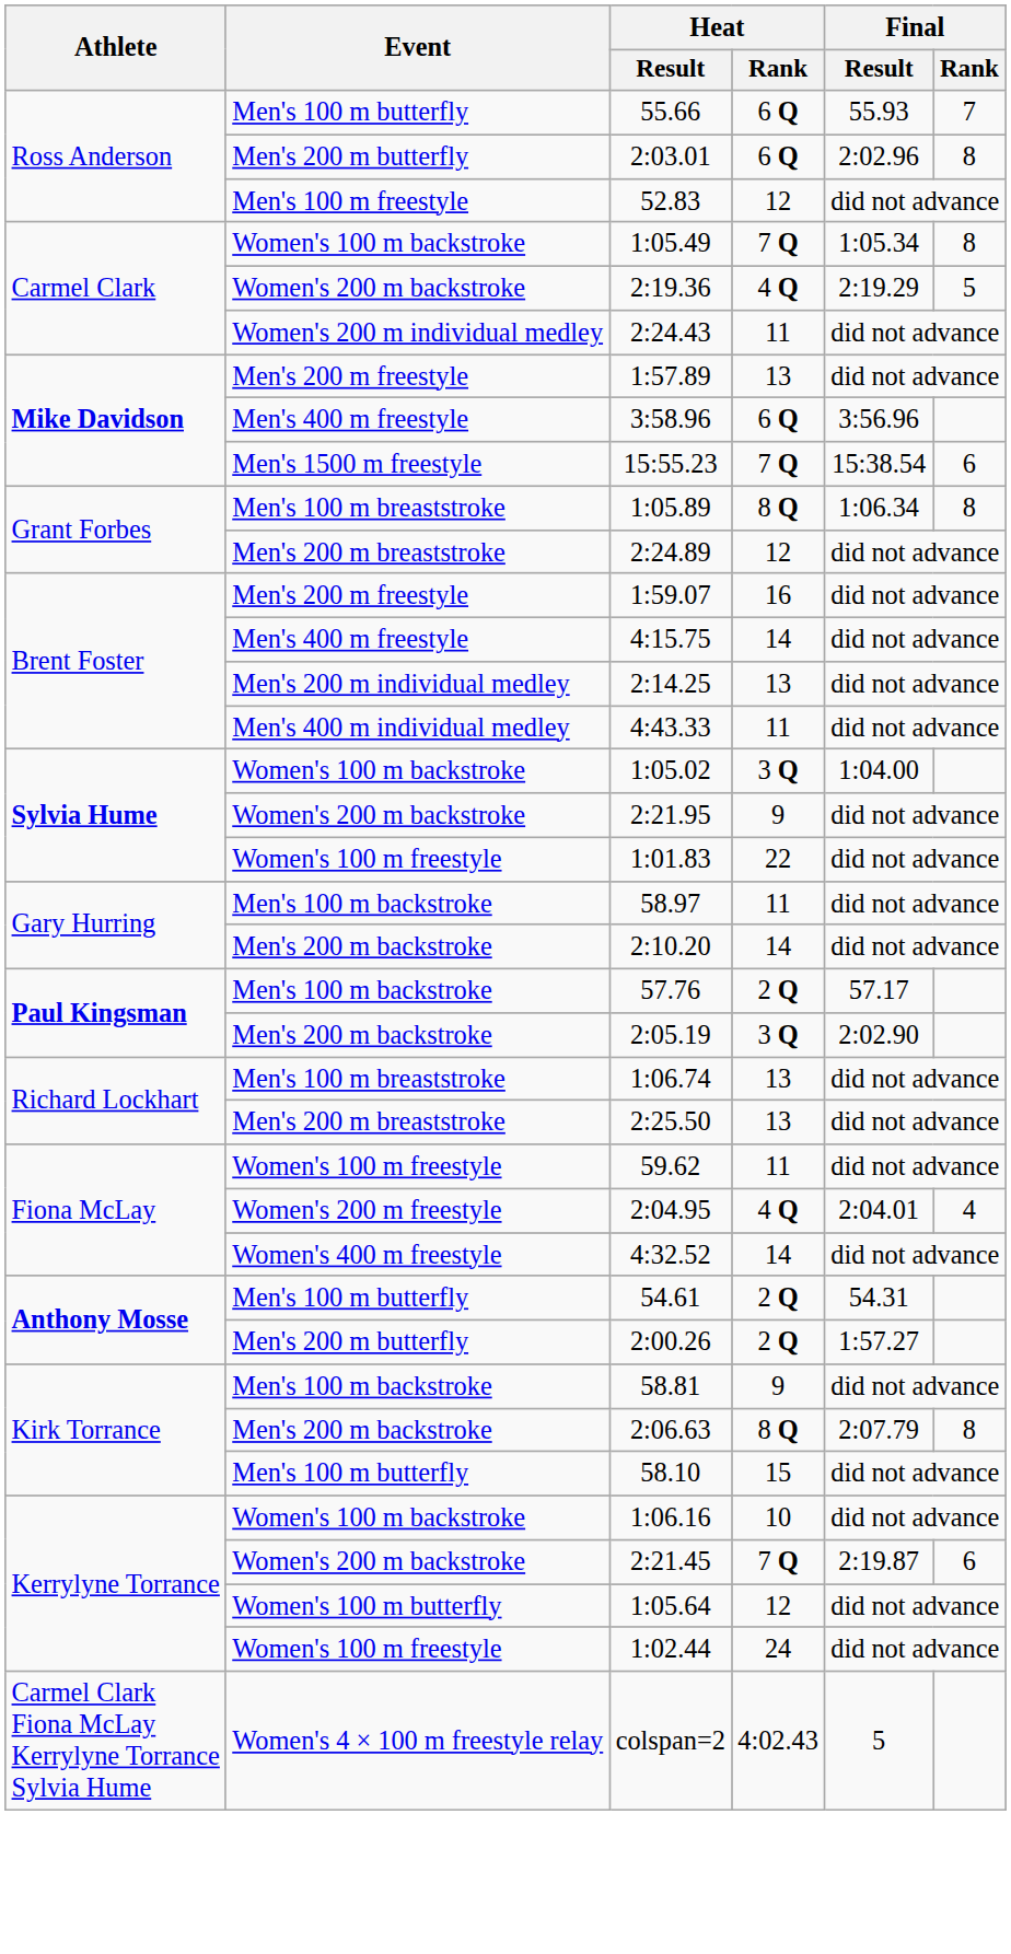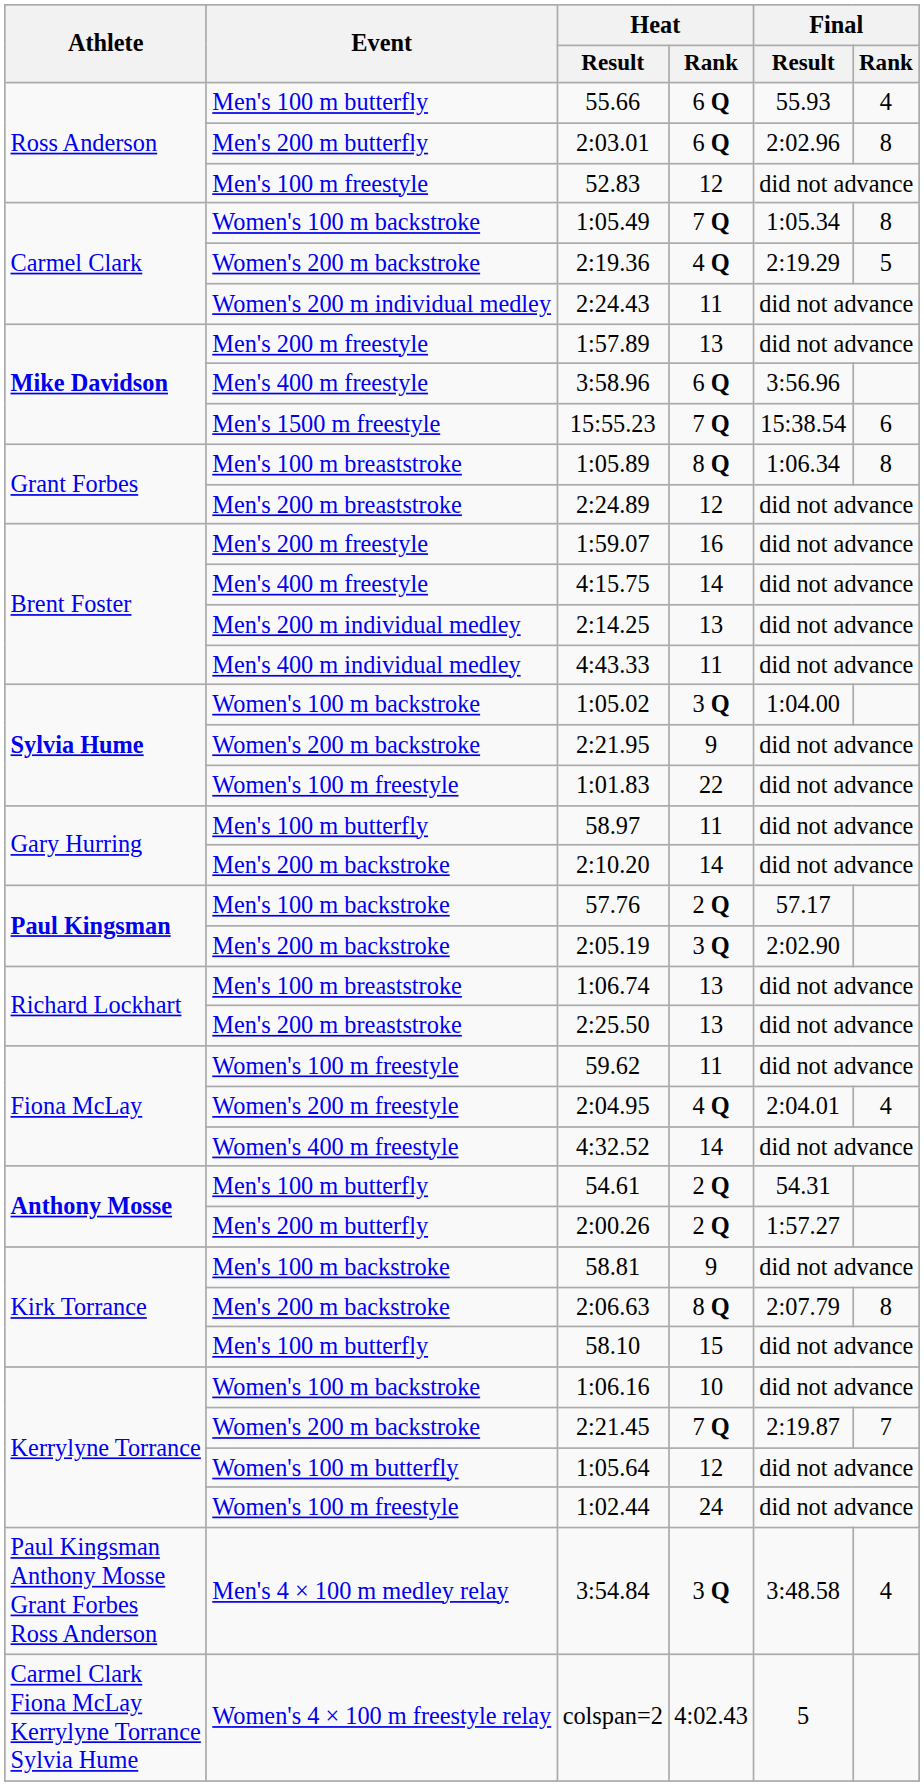 <table class=wikitable style=font-size:90%>
 <tr>
 <th rowspan=2>Athlete</th>
 <th rowspan=2>Event</th>
 <th colspan=2>Heat</th>
 <th colspan=2>Final</th>
 </tr>
 <tr style=font-size:95%>
 <th>Result</th>
 <th>Rank</th>
 <th>Result</th>
 <th>Rank</th>
 </tr>
 <tr align=center>
 <td align=left rowspan=3><a href='#'>Ross Anderson</a></td>
 <td align=left><a href='#'>Men's 100 m butterfly</a></td>
 <td>55.66</td>
 <td>6 <strong>Q</strong></td>
 <td>55.93</td>
-<td>7</td>
+<td>4</td>
 </tr>
 <tr align=center>
 <td align=left><a href='#'>Men's 200 m butterfly</a></td>
 <td>2:03.01</td>
 <td>6 <strong>Q</strong></td>
 <td>2:02.96</td>
 <td>8</td>
 </tr>
 <tr align=center>
 <td align=left><a href='#'>Men's 100 m freestyle</a></td>
 <td>52.83</td>
 <td>12</td>
 <td colspan=2>did not advance</td>
 </tr>
 <tr align=center>
 <td align=left rowspan=3><a href='#'>Carmel Clark</a></td>
 <td align=left><a href='#'>Women's 100 m backstroke</a></td>
 <td>1:05.49</td>
 <td>7 <strong>Q</strong></td>
 <td>1:05.34</td>
 <td>8</td>
 </tr>
 <tr align=center>
 <td align=left><a href='#'>Women's 200 m backstroke</a></td>
 <td>2:19.36</td>
 <td>4 <strong>Q</strong></td>
 <td>2:19.29</td>
 <td>5</td>
 </tr>
 <tr align=center>
 <td align=left><a href='#'>Women's 200 m individual medley</a></td>
 <td>2:24.43</td>
 <td>11</td>
 <td colspan=2>did not advance</td>
 </tr>
 <tr align=center>
 <td align=left rowspan=3><strong><a href='#'>Mike Davidson</a></strong></td>
 <td align=left><a href='#'>Men's 200 m freestyle</a></td>
 <td>1:57.89</td>
 <td>13</td>
 <td colspan=2>did not advance</td>
 </tr>
 <tr align=center>
 <td align=left><a href='#'>Men's 400 m freestyle</a></td>
 <td>3:58.96</td>
 <td>6 <strong>Q</strong></td>
 <td>3:56.96</td>
 <td></td>
 </tr>
 <tr align=center>
 <td align=left><a href='#'>Men's 1500 m freestyle</a></td>
 <td>15:55.23</td>
 <td>7 <strong>Q</strong></td>
 <td>15:38.54</td>
 <td>6</td>
 </tr>
 <tr align=center>
 <td align=left rowspan=2><a href='#'>Grant Forbes</a></td>
 <td align=left><a href='#'>Men's 100 m breaststroke</a></td>
 <td>1:05.89</td>
 <td>8 <strong>Q</strong></td>
 <td>1:06.34</td>
 <td>8</td>
 </tr>
 <tr align=center>
 <td align=left><a href='#'>Men's 200 m breaststroke</a></td>
 <td>2:24.89</td>
 <td>12</td>
 <td colspan=2>did not advance</td>
 </tr>
 <tr align=center>
 <td align=left rowspan=4><a href='#'>Brent Foster</a></td>
 <td align=left><a href='#'>Men's 200 m freestyle</a></td>
 <td>1:59.07</td>
 <td>16</td>
 <td colspan=2>did not advance</td>
 </tr>
 <tr align=center>
 <td align=left><a href='#'>Men's 400 m freestyle</a></td>
 <td>4:15.75</td>
 <td>14</td>
 <td colspan=2>did not advance</td>
 </tr>
 <tr align=center>
 <td align=left><a href='#'>Men's 200 m individual medley</a></td>
 <td>2:14.25</td>
 <td>13</td>
 <td colspan=2>did not advance</td>
 </tr>
 <tr align=center>
 <td align=left><a href='#'>Men's 400 m individual medley</a></td>
 <td>4:43.33</td>
 <td>11</td>
 <td colspan=2>did not advance</td>
 </tr>
 <tr align=center>
 <td align=left rowspan=3><strong><a href='#'>Sylvia Hume</a></strong></td>
 <td align=left><a href='#'>Women's 100 m backstroke</a></td>
 <td>1:05.02</td>
 <td>3 <strong>Q</strong></td>
 <td>1:04.00</td>
 <td></td>
 </tr>
 <tr align=center>
 <td align=left><a href='#'>Women's 200 m backstroke</a></td>
 <td>2:21.95</td>
 <td>9</td>
 <td colspan=2>did not advance</td>
 </tr>
 <tr align=center>
 <td align=left><a href='#'>Women's 100 m freestyle</a></td>
 <td>1:01.83</td>
 <td>22</td>
 <td colspan=2>did not advance</td>
 </tr>
 <tr align=center>
 <td align=left rowspan=2><a href='#'>Gary Hurring</a></td>
-<td align=left><a href='#'>Men's 100 m backstroke</a></td>
+<td align=left><a href='#'>Men's 100 m butterfly</a></td>
 <td>58.97</td>
 <td>11</td>
 <td colspan=2>did not advance</td>
 </tr>
 <tr align=center>
 <td align=left><a href='#'>Men's 200 m backstroke</a></td>
 <td>2:10.20</td>
 <td>14</td>
 <td colspan=2>did not advance</td>
 </tr>
 <tr align=center>
 <td align=left rowspan=2><strong><a href='#'>Paul Kingsman</a></strong></td>
 <td align=left><a href='#'>Men's 100 m backstroke</a></td>
 <td>57.76</td>
 <td>2 <strong>Q</strong></td>
 <td>57.17</td>
 <td></td>
 </tr>
 <tr align=center>
 <td align=left><a href='#'>Men's 200 m backstroke</a></td>
 <td>2:05.19</td>
 <td>3 <strong>Q</strong></td>
 <td>2:02.90</td>
 <td></td>
 </tr>
 <tr align=center>
 <td align=left rowspan=2><a href='#'>Richard Lockhart</a></td>
 <td align=left><a href='#'>Men's 100 m breaststroke</a></td>
 <td>1:06.74</td>
 <td>13</td>
 <td colspan=2>did not advance</td>
 </tr>
 <tr align=center>
 <td align=left><a href='#'>Men's 200 m breaststroke</a></td>
 <td>2:25.50</td>
 <td>13</td>
 <td colspan=2>did not advance</td>
 </tr>
 <tr align=center>
 <td align=left rowspan=3><a href='#'>Fiona McLay</a></td>
 <td align=left><a href='#'>Women's 100 m freestyle</a></td>
 <td>59.62</td>
 <td>11</td>
 <td colspan=2>did not advance</td>
 </tr>
 <tr align=center>
 <td align=left><a href='#'>Women's 200 m freestyle</a></td>
 <td>2:04.95</td>
 <td>4 <strong>Q</strong></td>
 <td>2:04.01</td>
 <td>4</td>
 </tr>
 <tr align=center>
 <td align=left><a href='#'>Women's 400 m freestyle</a></td>
 <td>4:32.52</td>
 <td>14</td>
 <td colspan=2>did not advance</td>
 </tr>
 <tr align=center>
 <td align=left rowspan=2><strong><a href='#'>Anthony Mosse</a></strong></td>
 <td align=left><a href='#'>Men's 100 m butterfly</a></td>
 <td>54.61</td>
 <td>2 <strong>Q</strong></td>
 <td>54.31</td>
 <td></td>
 </tr>
 <tr align=center>
 <td align=left><a href='#'>Men's 200 m butterfly</a></td>
 <td>2:00.26</td>
 <td>2 <strong>Q</strong></td>
 <td>1:57.27 </td>
 <td></td>
 </tr>
 <tr align=center>
 <td align=left rowspan=3><a href='#'>Kirk Torrance</a></td>
 <td align=left><a href='#'>Men's 100 m backstroke</a></td>
 <td>58.81</td>
 <td>9</td>
 <td colspan=2>did not advance</td>
 </tr>
 <tr align=center>
 <td align=left><a href='#'>Men's 200 m backstroke</a></td>
 <td>2:06.63</td>
 <td>8 <strong>Q</strong></td>
 <td>2:07.79</td>
 <td>8</td>
 </tr>
 <tr align=center>
 <td align=left><a href='#'>Men's 100 m butterfly</a></td>
 <td>58.10</td>
 <td>15</td>
 <td colspan=2>did not advance</td>
 </tr>
 <tr align=center>
 <td align=left rowspan=4><a href='#'>Kerrylyne Torrance</a></td>
 <td align=left><a href='#'>Women's 100 m backstroke</a></td>
 <td>1:06.16</td>
 <td>10</td>
 <td colspan=2>did not advance</td>
 </tr>
 <tr align=center>
 <td align=left><a href='#'>Women's 200 m backstroke</a></td>
 <td>2:21.45</td>
 <td>7 <strong>Q</strong></td>
 <td>2:19.87</td>
-<td>6</td>
+<td>7</td>
 </tr>
 <tr align=center>
 <td align=left><a href='#'>Women's 100 m butterfly</a></td>
 <td>1:05.64</td>
 <td>12</td>
 <td colspan=2>did not advance</td>
 </tr>
 <tr align=center>
 <td align=left><a href='#'>Women's 100 m freestyle</a></td>
 <td>1:02.44</td>
 <td>24</td>
 <td colspan=2>did not advance</td>
 </tr>
 <tr align=center>
+<td align=left><a href='#'>Paul Kingsman</a><br><a href='#'>Anthony Mosse</a><br><a href='#'>Grant Forbes</a><br><a href='#'>Ross Anderson</a></td>
+<td align=left><a href='#'>Men's 4 × 100 m medley relay</a></td>
+<td>3:54.84</td>
+<td>3 <strong>Q</strong></td>
+<td>3:48.58</td>
+<td>4</td>
+</tr>
+<tr align=center>
 <td align=left><a href='#'>Carmel Clark</a><br><a href='#'>Fiona McLay</a><br><a href='#'>Kerrylyne Torrance</a><br><a href='#'>Sylvia Hume</a></td>
 <td align=left><a href='#'>Women's 4 × 100 m freestyle relay</a></td>
 <td>colspan=2 </td>
 <td>4:02.43</td>
 <td>5</td>
 </tr>
 </table>
